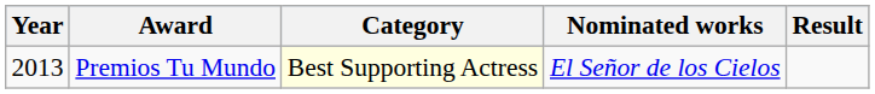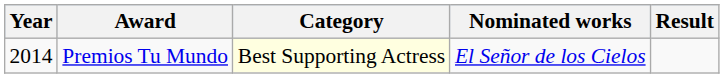 <table class="wikitable">
 <tr style="background:#b0c4de">
 <th>Year</th>
 <th>Award</th>
 <th>Category</th>
 <th>Nominated works</th>
 <th>Result</th>
 </tr>
 <tr>
-<td>2013</td>
+<td>2014</td>
 <td><a href='#'>Premios Tu Mundo</a></td>
 <td style="background: lightyellow;">Best Supporting Actress</td>
 <td><em><a href='#'>El Señor de los Cielos</a></em></td>
 <td></td>
 </tr>
 </table>
